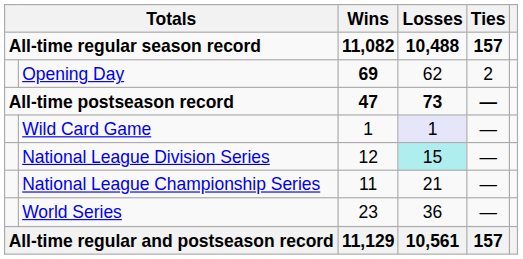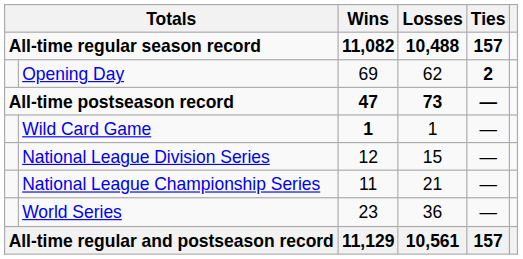 <table class="wikitable plainrowheaders" style="text-align:center; font-size:95%">
 <tr>
 <th colspan="2">Totals</th>
 <th>Wins</th>
 <th>Losses</th>
 <th>Ties</th>
 <th></th>
 </tr>
 <tr>
 <td colspan="2" style="text-align:left;"><strong>All-time regular season record</strong></td>
 <td><strong>11,082</strong></td>
 <td><strong>10,488</strong></td>
 <td><strong>157</strong></td>
 <td><strong></strong></td>
 </tr>
 <tr>
 <td> </td>
 <td style="text-align:left;"><a href='#'>Opening Day</a></td>
-<td><strong>69</strong></td>
+<td>69</td>
 <td>62</td>
-<td>2</td>
+<td><strong>2</strong></td>
 <td></td>
 </tr>
 <tr>
 <td colspan="2" style="text-align:left;"><strong>All-time postseason record</strong></td>
 <td><strong>47</strong></td>
 <td><strong>73</strong></td>
 <td><strong>—</strong></td>
 <td><strong></strong></td>
 </tr>
 <tr>
 <td> </td>
 <td style="text-align:left;"><a href='#'>Wild Card Game</a></td>
+<td><strong>1</strong></td>
 <td>1</td>
-<td style="background: lavender;">1</td>
 <td>—</td>
 <td></td>
 </tr>
 <tr>
 <td> </td>
 <td style="text-align:left;"><a href='#'>National League Division Series</a></td>
 <td>12</td>
-<td style="background: paleturquoise;">15</td>
+<td>15</td>
 <td>—</td>
 <td></td>
 </tr>
 <tr>
 <td> </td>
 <td style="text-align:left;"><a href='#'>National League Championship Series</a></td>
 <td>11</td>
 <td>21</td>
 <td>—</td>
 <td></td>
 </tr>
 <tr>
 <td> </td>
 <td style="text-align:left;"><a href='#'>World Series</a></td>
 <td>23</td>
 <td>36</td>
 <td>—</td>
 <td></td>
 </tr>
 <tr>
 <th colspan="2" style="text-align: left;">All-time regular and postseason record</th>
 <th>11,129</th>
 <th>10,561</th>
 <th>157</th>
 <th></th>
 </tr>
 </table>
